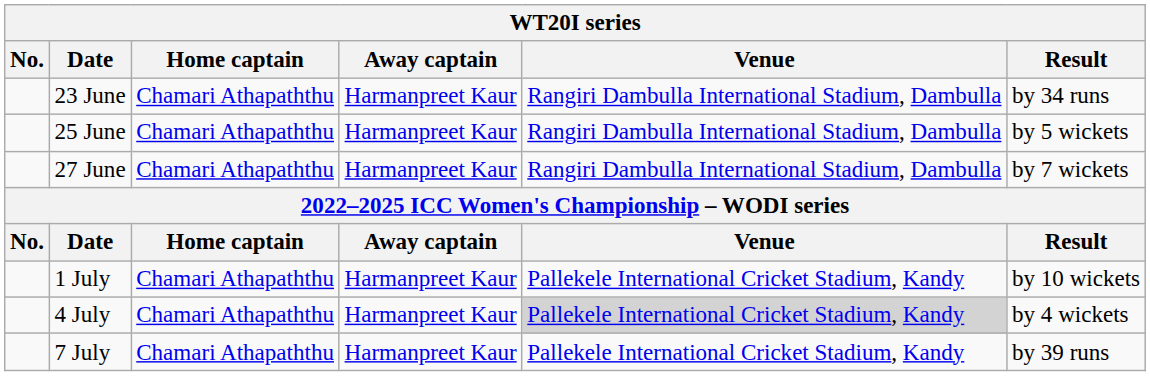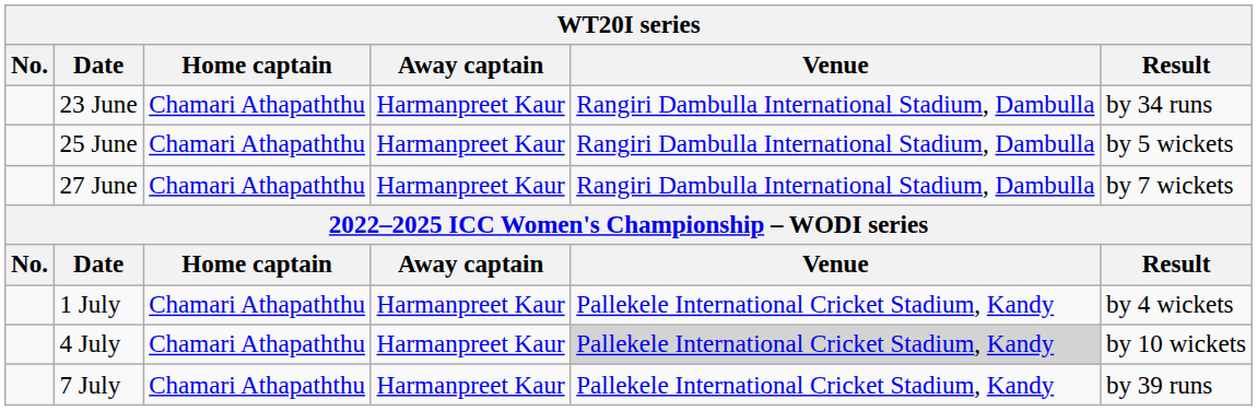 <table class="wikitable">
 <tr>
 <th colspan="9">WT20I series</th>
 </tr>
 <tr>
 <th>No.</th>
 <th>Date</th>
 <th>Home captain</th>
 <th>Away captain</th>
 <th>Venue</th>
 <th>Result</th>
 </tr>
 <tr>
 <td></td>
 <td>23 June</td>
 <td><a href='#'>Chamari Athapaththu</a></td>
 <td><a href='#'>Harmanpreet Kaur</a></td>
 <td><a href='#'>Rangiri Dambulla International Stadium</a>, <a href='#'>Dambulla</a></td>
 <td> by 34 runs</td>
 </tr>
 <tr>
 <td></td>
 <td>25 June</td>
 <td><a href='#'>Chamari Athapaththu</a></td>
 <td><a href='#'>Harmanpreet Kaur</a></td>
 <td><a href='#'>Rangiri Dambulla International Stadium</a>, <a href='#'>Dambulla</a></td>
 <td> by 5 wickets</td>
 </tr>
 <tr>
 <td></td>
 <td>27 June</td>
 <td><a href='#'>Chamari Athapaththu</a></td>
 <td><a href='#'>Harmanpreet Kaur</a></td>
 <td><a href='#'>Rangiri Dambulla International Stadium</a>, <a href='#'>Dambulla</a></td>
 <td> by 7 wickets</td>
 </tr>
 <tr>
 <th colspan="9"><a href='#'>2022–2025 ICC Women's Championship</a> – WODI series</th>
 </tr>
 <tr>
 <th>No.</th>
 <th>Date</th>
 <th>Home captain</th>
 <th>Away captain</th>
 <th>Venue</th>
 <th>Result</th>
 </tr>
 <tr>
 <td></td>
 <td>1 July</td>
 <td><a href='#'>Chamari Athapaththu</a></td>
 <td><a href='#'>Harmanpreet Kaur</a></td>
 <td><a href='#'>Pallekele International Cricket Stadium</a>, <a href='#'>Kandy</a></td>
-<td> by 10 wickets</td>
+<td> by 4 wickets</td>
 </tr>
 <tr>
 <td></td>
 <td>4 July</td>
 <td><a href='#'>Chamari Athapaththu</a></td>
 <td><a href='#'>Harmanpreet Kaur</a></td>
 <td style="background: lightgrey;"><a href='#'>Pallekele International Cricket Stadium</a>, <a href='#'>Kandy</a></td>
-<td> by 4 wickets</td>
+<td> by 10 wickets</td>
 </tr>
 <tr>
 <td></td>
 <td>7 July</td>
 <td><a href='#'>Chamari Athapaththu</a></td>
 <td><a href='#'>Harmanpreet Kaur</a></td>
 <td><a href='#'>Pallekele International Cricket Stadium</a>, <a href='#'>Kandy</a></td>
 <td> by 39 runs</td>
 </tr>
 </table>
